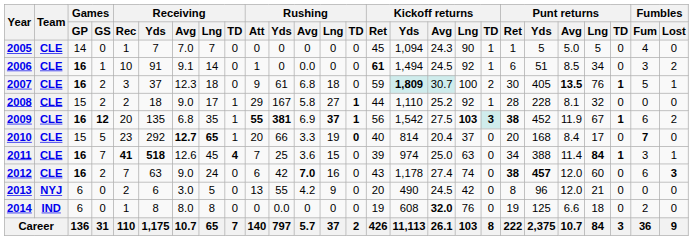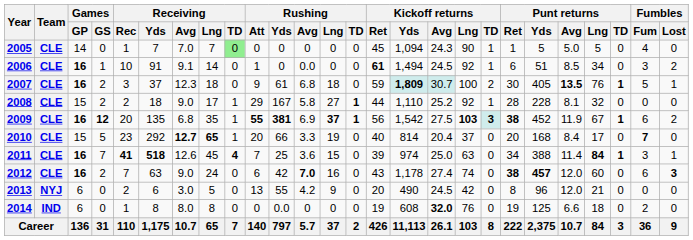 <table class="wikitable" style="text-align: center;">
 <tr>
 <th rowspan="2">Year</th>
 <th rowspan="2">Team</th>
 <th colspan="2">Games</th>
 <th colspan="5">Receiving</th>
 <th colspan="5">Rushing</th>
 <th colspan="5">Kickoff returns</th>
 <th colspan="5">Punt returns</th>
 <th colspan="2">Fumbles</th>
 </tr>
 <tr>
 <th>GP</th>
 <th>GS</th>
 <th>Rec</th>
 <th>Yds</th>
 <th>Avg</th>
 <th>Lng</th>
 <th>TD</th>
 <th>Att</th>
 <th>Yds</th>
 <th>Avg</th>
 <th>Lng</th>
 <th>TD</th>
 <th>Ret</th>
 <th>Yds</th>
 <th>Avg</th>
 <th>Lng</th>
 <th>TD</th>
 <th>Ret</th>
 <th>Yds</th>
 <th>Avg</th>
 <th>Lng</th>
 <th>TD</th>
 <th>Fum</th>
 <th>Lost</th>
 </tr>
 <tr>
 <th><a href='#'>2005</a></th>
 <th><a href='#'>CLE</a></th>
 <td>14</td>
 <td>0</td>
 <td>1</td>
 <td>7</td>
 <td>7.0</td>
 <td>7</td>
-<td>0</td>
+<td style="background: lightgreen;">0</td>
 <td>0</td>
 <td>0</td>
 <td>0</td>
 <td>0</td>
 <td>0</td>
 <td>45</td>
 <td>1,094</td>
 <td>24.3</td>
 <td>90</td>
 <td>1</td>
 <td>1</td>
 <td>5</td>
 <td>5.0</td>
 <td>5</td>
 <td>0</td>
 <td>4</td>
 <td>0</td>
 </tr>
 <tr>
 <th><a href='#'>2006</a></th>
 <th><a href='#'>CLE</a></th>
 <td><strong>16</strong></td>
 <td>1</td>
 <td>10</td>
 <td>91</td>
 <td>9.1</td>
 <td>14</td>
 <td>0</td>
 <td>1</td>
 <td>0</td>
 <td>0.0</td>
 <td>0</td>
 <td>0</td>
 <td><strong>61</strong></td>
 <td>1,494</td>
 <td>24.5</td>
 <td>92</td>
 <td>1</td>
 <td>6</td>
 <td>51</td>
 <td>8.5</td>
 <td>34</td>
 <td>0</td>
 <td>3</td>
 <td>2</td>
 </tr>
 <tr>
 <th><a href='#'>2007</a></th>
 <th><a href='#'>CLE</a></th>
 <td><strong>16</strong></td>
 <td>2</td>
 <td>3</td>
 <td>37</td>
 <td>12.3</td>
 <td>18</td>
 <td>0</td>
 <td>9</td>
 <td>61</td>
 <td>6.8</td>
 <td>18</td>
 <td>0</td>
 <td>59</td>
 <td style="background:#cfecec;"><strong>1,809</strong></td>
 <td style="background:#cfecec;">30.7</td>
 <td>100</td>
 <td>2</td>
 <td>30</td>
 <td>405</td>
 <td><strong>13.5</strong></td>
 <td>76</td>
 <td><strong>1</strong></td>
 <td>5</td>
 <td>1</td>
 </tr>
 <tr>
 <th><a href='#'>2008</a></th>
 <th><a href='#'>CLE</a></th>
 <td>15</td>
 <td>2</td>
 <td>2</td>
 <td>18</td>
 <td>9.0</td>
 <td>17</td>
 <td>1</td>
 <td>29</td>
 <td>167</td>
 <td>5.8</td>
 <td>27</td>
 <td><strong>1</strong></td>
 <td>44</td>
 <td>1,110</td>
 <td>25.2</td>
 <td>92</td>
 <td>1</td>
 <td>28</td>
 <td>228</td>
 <td>8.1</td>
 <td>32</td>
 <td>0</td>
 <td>0</td>
 <td>0</td>
 </tr>
 <tr>
 <th><a href='#'>2009</a></th>
 <th><a href='#'>CLE</a></th>
 <td><strong>16</strong></td>
 <td><strong>12</strong></td>
 <td>20</td>
 <td>135</td>
 <td>6.8</td>
 <td>35</td>
 <td>1</td>
 <td><strong>55</strong></td>
 <td><strong>381</strong></td>
 <td>6.9</td>
 <td><strong>37</strong></td>
 <td><strong>1</strong></td>
 <td>56</td>
 <td>1,542</td>
 <td>27.5</td>
 <td><strong>103</strong></td>
 <td style="background:#cfecec;"><strong>3</strong></td>
 <td><strong>38</strong></td>
 <td>452</td>
 <td>11.9</td>
 <td>67</td>
 <td><strong>1</strong></td>
 <td>6</td>
 <td>2</td>
 </tr>
 <tr>
 <th><a href='#'>2010</a></th>
 <th><a href='#'>CLE</a></th>
 <td>15</td>
 <td>5</td>
 <td>23</td>
 <td>292</td>
 <td><strong>12.7</strong></td>
 <td><strong>65</strong></td>
 <td>1</td>
 <td>20</td>
 <td>66</td>
 <td>3.3</td>
 <td>19</td>
-<td><strong>0</strong></td>
+<td>0</td>
 <td>40</td>
 <td>814</td>
 <td>20.4</td>
 <td>37</td>
 <td>0</td>
 <td>20</td>
 <td>168</td>
 <td>8.4</td>
 <td>17</td>
 <td>0</td>
 <td><strong>7</strong></td>
 <td>0</td>
 </tr>
 <tr>
 <th><a href='#'>2011</a></th>
 <th><a href='#'>CLE</a></th>
 <td><strong>16</strong></td>
 <td>7</td>
 <td><strong>41</strong></td>
 <td><strong>518</strong></td>
 <td>12.6</td>
 <td>45</td>
 <td><strong>4</strong></td>
 <td>7</td>
 <td>25</td>
 <td>3.6</td>
 <td>15</td>
 <td>0</td>
 <td>39</td>
 <td>974</td>
 <td>25.0</td>
 <td>63</td>
 <td>0</td>
 <td>34</td>
 <td>388</td>
 <td>11.4</td>
 <td><strong>84</strong></td>
 <td><strong>1</strong></td>
 <td>3</td>
 <td>1</td>
 </tr>
 <tr>
 <th><a href='#'>2012</a></th>
 <th><a href='#'>CLE</a></th>
 <td><strong>16</strong></td>
 <td>2</td>
 <td>7</td>
 <td>63</td>
 <td>9.0</td>
 <td>24</td>
 <td>0</td>
 <td>6</td>
 <td>42</td>
 <td><strong>7.0</strong></td>
 <td>16</td>
 <td>0</td>
 <td>43</td>
 <td>1,178</td>
 <td>27.4</td>
 <td>74</td>
 <td>0</td>
 <td><strong>38</strong></td>
 <td><strong>457</strong></td>
 <td>12.0</td>
 <td>60</td>
 <td>0</td>
 <td>6</td>
 <td><strong>3</strong></td>
 </tr>
 <tr>
 <th><a href='#'>2013</a></th>
 <th><a href='#'>NYJ</a></th>
 <td>6</td>
 <td>0</td>
 <td>2</td>
 <td>6</td>
 <td>3.0</td>
 <td>5</td>
 <td>0</td>
 <td>13</td>
 <td>55</td>
 <td>4.2</td>
 <td>9</td>
 <td>0</td>
 <td>20</td>
 <td>490</td>
 <td>24.5</td>
 <td>42</td>
 <td>0</td>
 <td>8</td>
 <td>96</td>
 <td>12.0</td>
 <td>21</td>
 <td>0</td>
 <td>0</td>
 <td>0</td>
 </tr>
 <tr>
 <th><a href='#'>2014</a></th>
 <th><a href='#'>IND</a></th>
 <td>6</td>
 <td>0</td>
 <td>1</td>
 <td>8</td>
 <td>8.0</td>
 <td>8</td>
 <td>0</td>
 <td>0</td>
 <td>0.0</td>
 <td>0</td>
 <td>0</td>
 <td>0</td>
 <td>19</td>
 <td>608</td>
 <td><strong>32.0</strong></td>
 <td>76</td>
 <td>0</td>
 <td>19</td>
 <td>125</td>
 <td>6.6</td>
 <td>18</td>
 <td>0</td>
 <td>2</td>
 <td>0</td>
 </tr>
 <tr>
 <th colspan="2">Career</th>
 <th>136</th>
 <th>31</th>
 <th>110</th>
 <th>1,175</th>
 <th>10.7</th>
 <th>65</th>
 <th>7</th>
 <th>140</th>
 <th>797</th>
 <th>5.7</th>
 <th>37</th>
 <th>2</th>
 <th>426</th>
 <th>11,113</th>
 <th>26.1</th>
 <th>103</th>
 <th>8</th>
 <th>222</th>
 <th>2,375</th>
 <th>10.7</th>
 <th>84</th>
 <th>3</th>
 <th>36</th>
 <th>9</th>
 </tr>
 </table>
